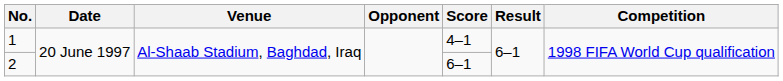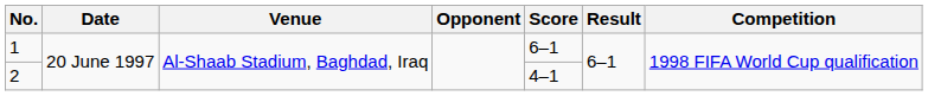 <table class="wikitable" style="font-size:100%;">
 <tr>
 <th>No.</th>
 <th>Date</th>
 <th>Venue</th>
 <th>Opponent</th>
 <th>Score</th>
 <th>Result</th>
 <th>Competition</th>
 </tr>
 <tr>
 <td>1</td>
 <td rowspan="2">20 June 1997</td>
 <td rowspan="2"><a href='#'>Al-Shaab Stadium</a>, <a href='#'>Baghdad</a>, Iraq</td>
 <td rowspan="2"></td>
-<td>4–1</td>
+<td>6–1</td>
 <td rowspan="2">6–1</td>
 <td rowspan="2"><a href='#'>1998 FIFA World Cup qualification</a></td>
 </tr>
 <tr>
 <td>2</td>
-<td>6–1</td>
+<td>4–1</td>
 </tr>
 </table>
